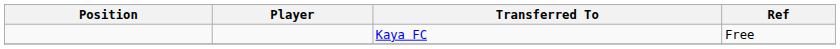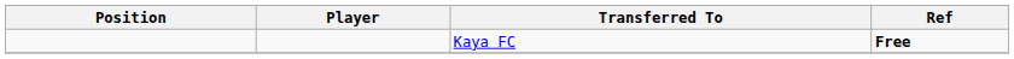 <table class="wikitable sortable" style="width:70%; text-align:center; font-size:100%; text-align:left;">
 <tr>
 <th><strong>Position</strong></th>
 <th><strong>Player</strong></th>
 <th><strong>Transferred To</strong></th>
 <th><strong>Ref</strong></th>
 </tr>
 <tr>
 <td></td>
 <td></td>
 <td> <a href='#'>Kaya FC</a></td>
-<td>Free </td>
+<td><strong>Free </strong></td>
 </tr>
 <tr>
 </tr>
 </table>
